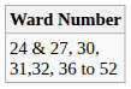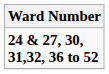 <table class="wikitable">
 <tr>
 <th width="100px">Ward Number</th>
 </tr>
 <tr>
-<td>24 & 27, 30, 31,32, 36 to 52</td>
+<td><strong>24 & 27, 30, 31,32, 36 to 52</strong></td>
 </tr>
 <tr>
 </tr>
 </table>
